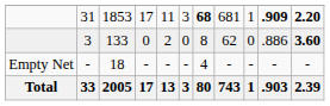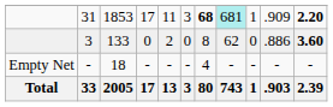 <table class="wikitable sortable">
 <tr align="center">
 </tr>
 <tr align="center">
 <td></td>
 <td>31</td>
 <td>1853</td>
 <td>17</td>
 <td>11</td>
 <td>3</td>
 <td><strong>68</strong></td>
-<td>681</td>
+<td style="background: paleturquoise;">681</td>
 <td>1</td>
-<td><strong>.909</strong></td>
+<td>.909</td>
 <td><strong>2.20</strong></td>
 </tr>
 <tr align="center" bgcolor="#f0f0f0">
 <td></td>
 <td>3</td>
 <td>133</td>
 <td>0</td>
 <td>2</td>
 <td>0</td>
 <td>8</td>
 <td>62</td>
 <td>0</td>
 <td>.886</td>
 <td><strong>3.60</strong></td>
 </tr>
 <tr align="center" bgcolor="">
 <td>Empty Net</td>
 <td>-</td>
 <td>18</td>
 <td>-</td>
 <td>-</td>
 <td>-</td>
 <td>4</td>
 <td>-</td>
 <td>-</td>
 <td>-</td>
 <td>-</td>
 </tr>
 <tr>
 <th>Total</th>
 <th>33</th>
 <th>2005</th>
 <th>17</th>
 <th>13</th>
 <th>3</th>
 <th>80</th>
 <th>743</th>
 <th>1</th>
 <th>.903</th>
 <th>2.39</th>
 </tr>
 </table>
